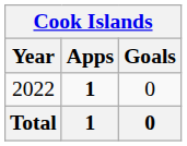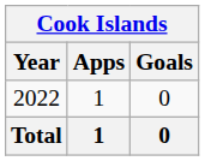 <table class="wikitable" style="text-align:center">
 <tr>
 <th colspan=3><a href='#'>Cook Islands</a></th>
 </tr>
 <tr>
 <th>Year</th>
 <th>Apps</th>
 <th>Goals</th>
 </tr>
 <tr>
 <td>2022</td>
-<td><strong>1</strong></td>
+<td>1</td>
 <td>0</td>
 </tr>
 <tr>
 <th>Total</th>
 <th>1</th>
 <th>0</th>
 </tr>
 </table>
